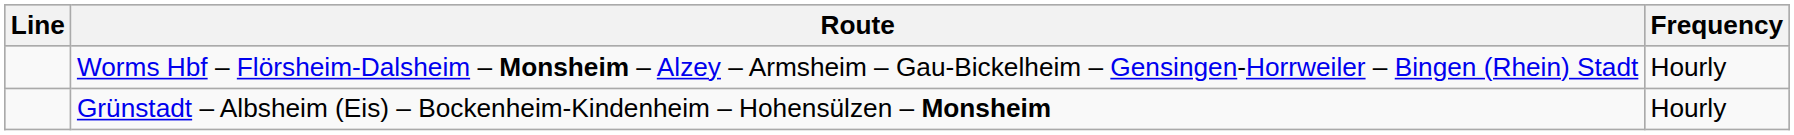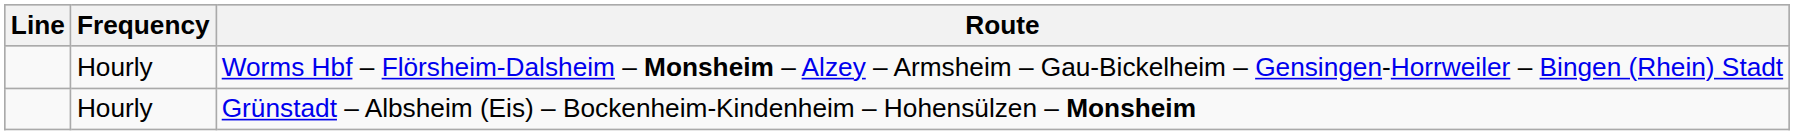 <table class="wikitable">
 <tr>
 <th>Line</th>
+<th>Frequency</th>
 <th>Route</th>
-<th>Frequency</th>
 </tr>
 <tr>
 <td></td>
+<td>Hourly</td>
 <td><a href='#'>Worms Hbf</a> – <a href='#'>Flörsheim-Dalsheim</a> – <strong>Monsheim</strong>  –  <a href='#'>Alzey</a> – Armsheim – Gau-Bickelheim – <a href='#'>Gensingen</a>-<a href='#'>Horrweiler</a> – <a href='#'>Bingen (Rhein) Stadt</a></td>
-<td>Hourly</td>
 </tr>
 <tr>
 <td></td>
+<td>Hourly</td>
 <td><a href='#'>Grünstadt</a> – Albsheim (Eis) – Bockenheim-Kindenheim –  Hohensülzen – <strong>Monsheim</strong></td>
-<td>Hourly</td>
 </tr>
 </table>
